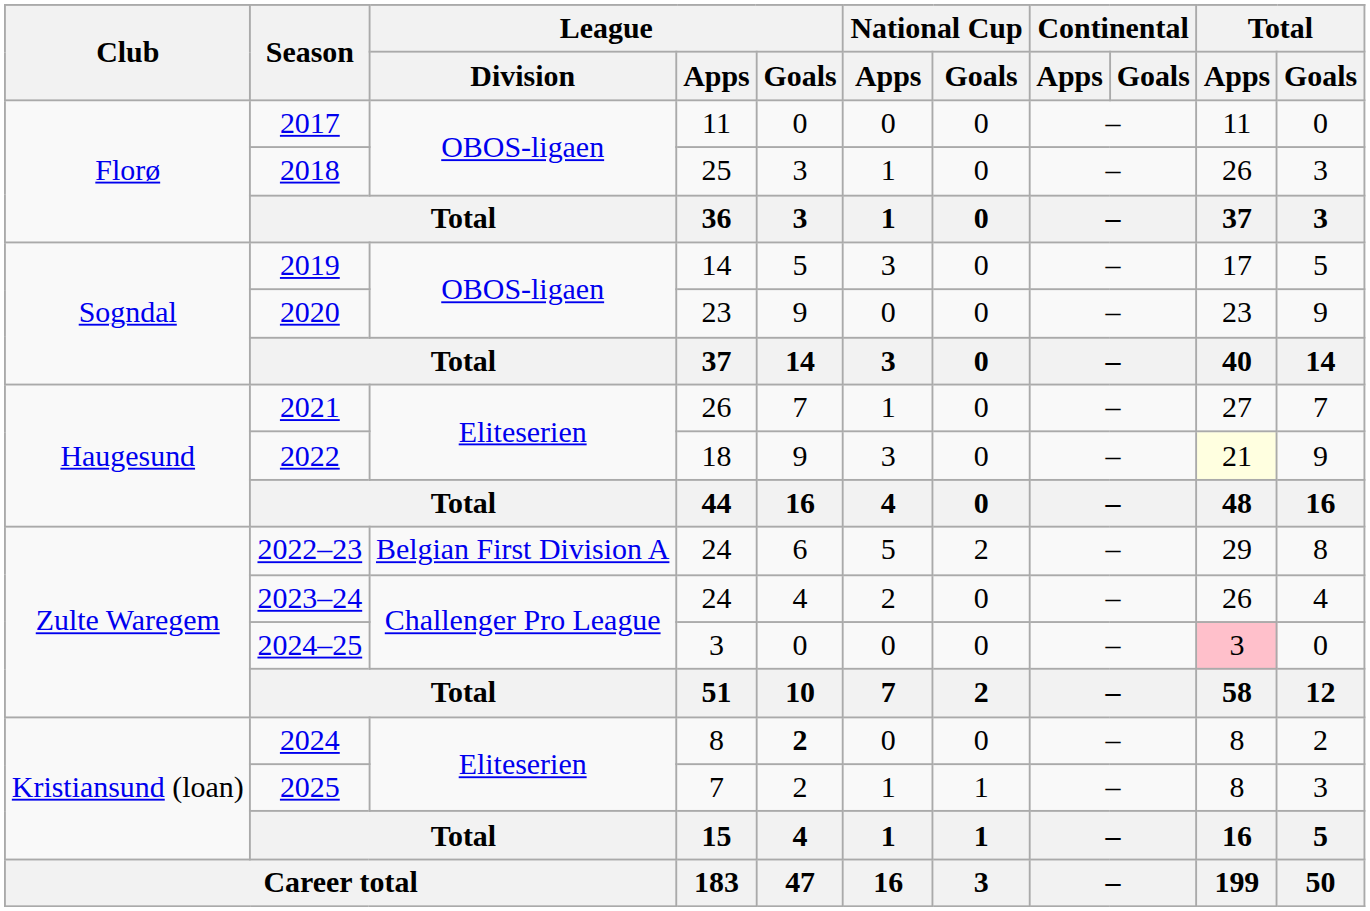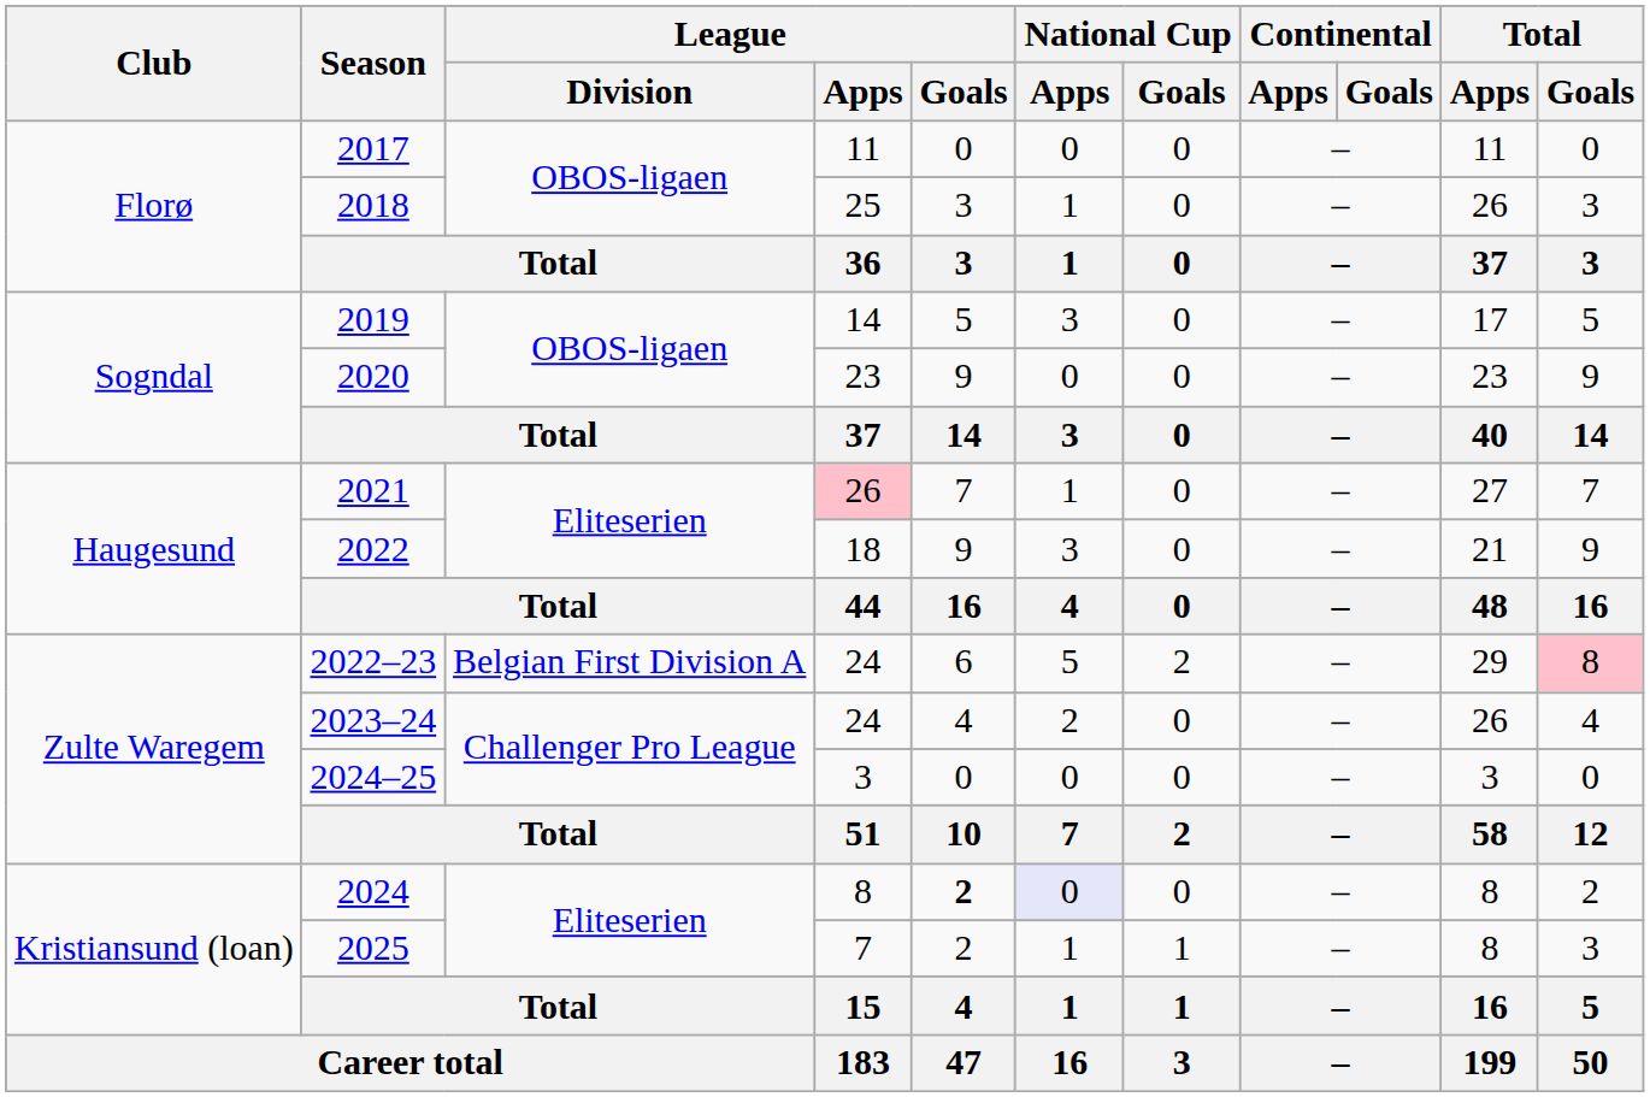 <table class="wikitable" style="text-align:center">
 <tr>
 <th rowspan="2">Club</th>
 <th rowspan="2">Season</th>
 <th colspan="3">League</th>
 <th colspan="2">National Cup</th>
 <th colspan="2">Continental</th>
 <th colspan="2">Total</th>
 </tr>
 <tr>
 <th>Division</th>
 <th>Apps</th>
 <th>Goals</th>
 <th>Apps</th>
 <th>Goals</th>
 <th>Apps</th>
 <th>Goals</th>
 <th>Apps</th>
 <th>Goals</th>
 </tr>
 <tr>
 <td rowspan="3"><a href='#'>Florø</a></td>
 <td><a href='#'>2017</a></td>
 <td rowspan="2"><a href='#'>OBOS-ligaen</a></td>
 <td>11</td>
 <td>0</td>
 <td>0</td>
 <td>0</td>
 <td colspan="2">–</td>
 <td>11</td>
 <td>0</td>
 </tr>
 <tr>
 <td><a href='#'>2018</a></td>
 <td>25</td>
 <td>3</td>
 <td>1</td>
 <td>0</td>
 <td colspan="2">–</td>
 <td>26</td>
 <td>3</td>
 </tr>
 <tr>
 <th colspan="2">Total</th>
 <th>36</th>
 <th>3</th>
 <th>1</th>
 <th>0</th>
 <th colspan="2">–</th>
 <th>37</th>
 <th>3</th>
 </tr>
 <tr>
 <td rowspan="3"><a href='#'>Sogndal</a></td>
 <td><a href='#'>2019</a></td>
 <td rowspan="2"><a href='#'>OBOS-ligaen</a></td>
 <td>14</td>
 <td>5</td>
 <td>3</td>
 <td>0</td>
 <td colspan="2">–</td>
 <td>17</td>
 <td>5</td>
 </tr>
 <tr>
 <td><a href='#'>2020</a></td>
 <td>23</td>
 <td>9</td>
 <td>0</td>
 <td>0</td>
 <td colspan="2">–</td>
 <td>23</td>
 <td>9</td>
 </tr>
 <tr>
 <th colspan="2">Total</th>
 <th>37</th>
 <th>14</th>
 <th>3</th>
 <th>0</th>
 <th colspan="2">–</th>
 <th>40</th>
 <th>14</th>
 </tr>
 <tr>
 <td rowspan="3"><a href='#'>Haugesund</a></td>
 <td><a href='#'>2021</a></td>
 <td rowspan="2"><a href='#'>Eliteserien</a></td>
-<td>26</td>
+<td style="background: pink;">26</td>
 <td>7</td>
 <td>1</td>
 <td>0</td>
 <td colspan="2">–</td>
 <td>27</td>
 <td>7</td>
 </tr>
 <tr>
 <td><a href='#'>2022</a></td>
 <td>18</td>
 <td>9</td>
 <td>3</td>
 <td>0</td>
 <td colspan="2">–</td>
-<td style="background: lightyellow;">21</td>
+<td>21</td>
 <td>9</td>
 </tr>
 <tr>
 <th colspan="2">Total</th>
 <th>44</th>
 <th>16</th>
 <th>4</th>
 <th>0</th>
 <th colspan="2">–</th>
 <th>48</th>
 <th>16</th>
 </tr>
 <tr>
 <td rowspan="4"><a href='#'>Zulte Waregem</a></td>
 <td><a href='#'>2022–23</a></td>
 <td rowspan="1"><a href='#'>Belgian First Division A</a></td>
 <td>24</td>
 <td>6</td>
 <td>5</td>
 <td>2</td>
 <td colspan="2">–</td>
 <td>29</td>
-<td>8</td>
+<td style="background: pink;">8</td>
 </tr>
 <tr>
 <td><a href='#'>2023–24</a></td>
 <td rowspan="2"><a href='#'>Challenger Pro League</a></td>
 <td>24</td>
 <td>4</td>
 <td>2</td>
 <td>0</td>
 <td colspan="2">–</td>
 <td>26</td>
 <td>4</td>
 </tr>
 <tr>
 <td><a href='#'>2024–25</a></td>
 <td>3</td>
 <td>0</td>
 <td>0</td>
 <td>0</td>
 <td colspan="2">–</td>
-<td style="background: pink;">3</td>
+<td>3</td>
 <td>0</td>
 </tr>
 <tr>
 <th colspan="2">Total</th>
 <th>51</th>
 <th>10</th>
 <th>7</th>
 <th>2</th>
 <th colspan="2">–</th>
 <th>58</th>
 <th>12</th>
 </tr>
 <tr>
 <td rowspan="3"><a href='#'>Kristiansund</a> (loan)</td>
 <td><a href='#'>2024</a></td>
 <td rowspan="2"><a href='#'>Eliteserien</a></td>
 <td>8</td>
 <td><strong>2</strong></td>
-<td>0</td>
+<td style="background: lavender;">0</td>
 <td>0</td>
 <td colspan="2">–</td>
 <td>8</td>
 <td>2</td>
 </tr>
 <tr>
 <td><a href='#'>2025</a></td>
 <td>7</td>
 <td>2</td>
 <td>1</td>
 <td>1</td>
 <td colspan="2">–</td>
 <td>8</td>
 <td>3</td>
 </tr>
 <tr>
 <th colspan="2">Total</th>
 <th>15</th>
 <th>4</th>
 <th>1</th>
 <th>1</th>
 <th colspan="2">–</th>
 <th>16</th>
 <th>5</th>
 </tr>
 <tr>
 <th colspan="3">Career total</th>
 <th>183</th>
 <th>47</th>
 <th>16</th>
 <th>3</th>
 <th colspan="2">–</th>
 <th>199</th>
 <th>50</th>
 </tr>
 </table>
